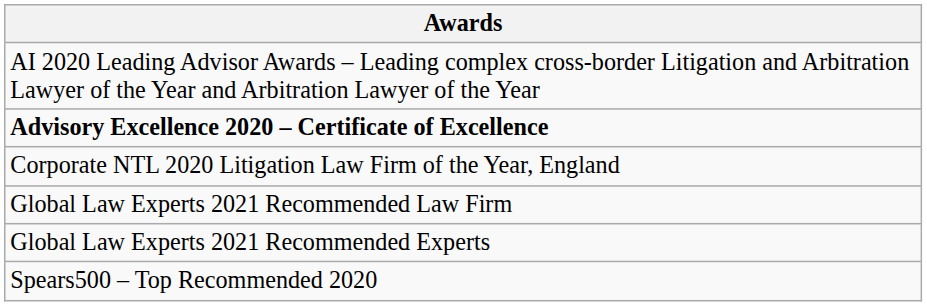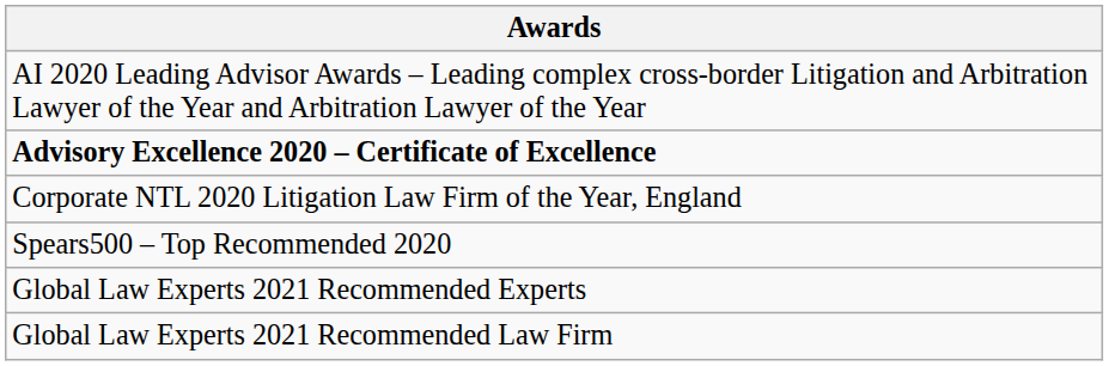 <table class="wikitable">
 <tr>
 <th>Awards</th>
 </tr>
 <tr>
 <td>AI 2020 Leading Advisor Awards – Leading complex cross-border Litigation and Arbitration Lawyer of the Year and Arbitration Lawyer of the Year</td>
 </tr>
 <tr>
 <td><strong>Advisory Excellence 2020 – Certificate of Excellence</strong></td>
 </tr>
 <tr>
 <td>Corporate NTL 2020 Litigation Law Firm of the Year, England</td>
 </tr>
 <tr>
-<td>Global Law Experts 2021 Recommended Law Firm</td>
+<td>Spears500 – Top Recommended 2020</td>
 </tr>
 <tr>
 <td>Global Law Experts 2021 Recommended Experts</td>
 </tr>
 <tr>
-<td>Spears500 – Top Recommended 2020</td>
+<td>Global Law Experts 2021 Recommended Law Firm</td>
 </tr>
 </table>
